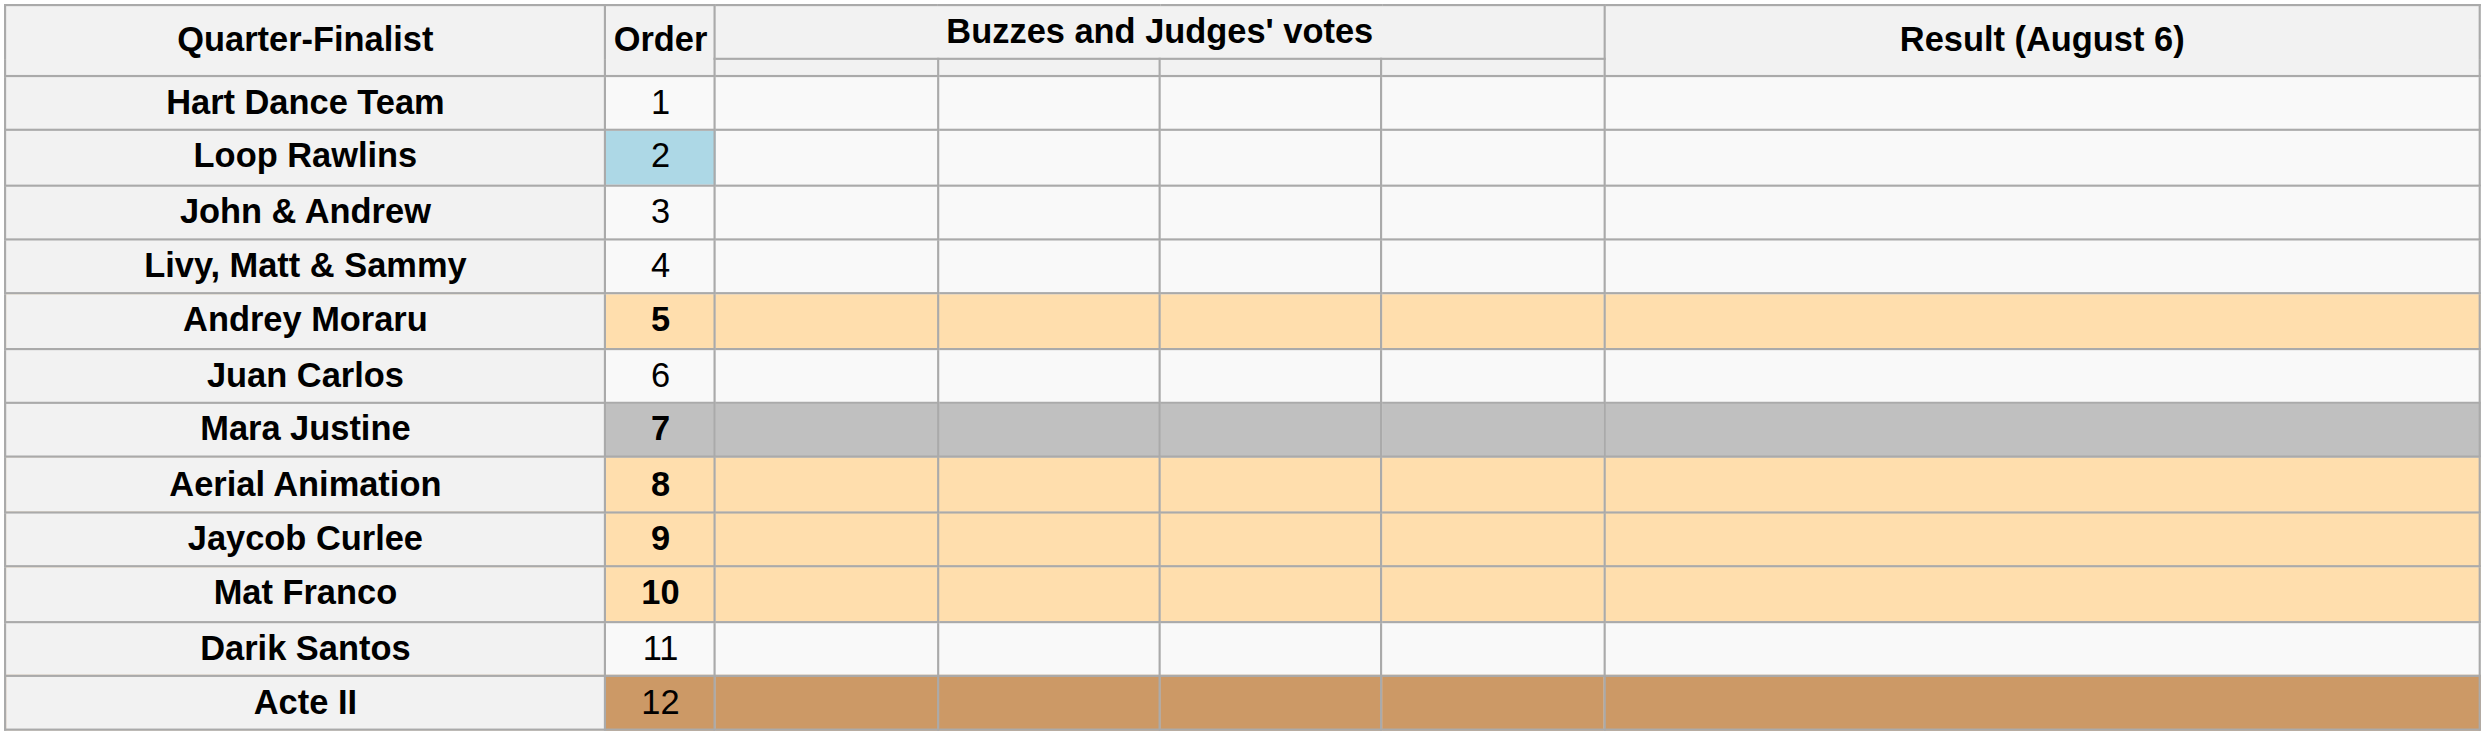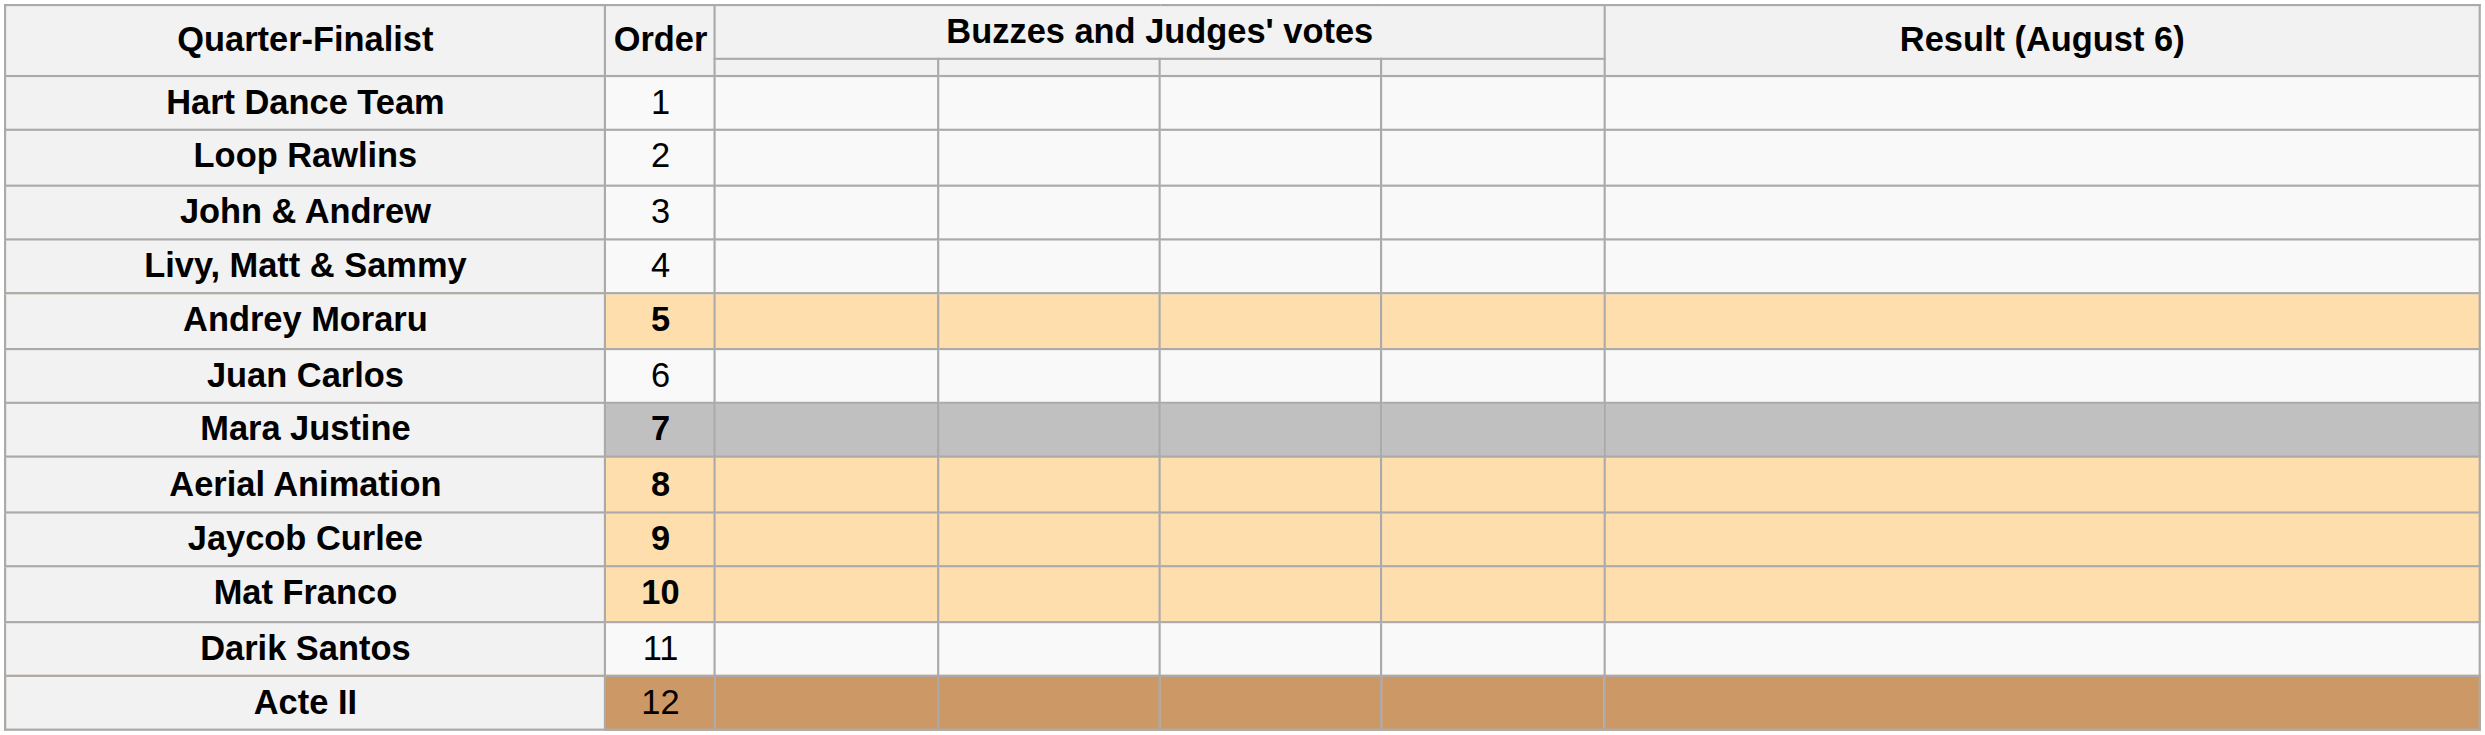 <table class="wikitable plainrowheaders sortable" style="text-align:center;">
 <tr>
 <th scope="col" rowspan="2" class="unsortable" style="width:17em;">Quarter-Finalist</th>
 <th scope="col" rowspan="2" style="width:1em;">Order</th>
 <th scope="col" colspan="4" class="unsortable" style="width:24em;">Buzzes and Judges' votes</th>
 <th scope="col" rowspan="2" style="width:25em;">Result (August 6)</th>
 </tr>
 <tr>
 <th scope="col" class="unsortable" style="width:6em;"></th>
 <th scope="col" class="unsortable" style="width:6em;"></th>
 <th scope="col" class="unsortable" style="width:6em;"></th>
 <th scope="col" class="unsortable" style="width:6em;"></th>
 </tr>
 <tr>
 <th scope="row">Hart Dance Team</th>
 <td>1</td>
 <td style="text-align:center;"></td>
 <td style="text-align:center;"></td>
 <td style="text-align:center;"></td>
 <td style="text-align:center;"></td>
 <td></td>
 </tr>
 <tr>
 <th scope="row">Loop Rawlins</th>
-<td style="background: lightblue;">2</td>
+<td>2</td>
 <td style="text-align:center;"></td>
 <td style="text-align:center;"></td>
 <td style="text-align:center;"></td>
 <td style="text-align:center;"></td>
 <td></td>
 </tr>
 <tr>
 <th scope="row">John & Andrew</th>
 <td>3</td>
 <td style="text-align:center;"></td>
 <td style="text-align:center;"></td>
 <td style="text-align:center;"></td>
 <td style="text-align:center;"></td>
 <td></td>
 </tr>
 <tr>
 <th scope="row">Livy, Matt & Sammy</th>
 <td>4</td>
 <td style="text-align:center;"></td>
 <td style="text-align:center;"></td>
 <td style="text-align:center;"></td>
 <td style="text-align:center;"></td>
 <td></td>
 </tr>
 <tr style="background:NavajoWhite">
 <th scope="row"><strong>Andrey Moraru</strong></th>
 <td><strong>5</strong></td>
 <td style="text-align:center;"></td>
 <td style="text-align:center;"></td>
 <td style="text-align:center;"></td>
 <td style="text-align:center;"></td>
 <td><strong></strong></td>
 </tr>
 <tr>
 <th scope="row">Juan Carlos</th>
 <td>6</td>
 <td style="text-align:center;"></td>
 <td style="text-align:center;"></td>
 <td style="text-align:center;"></td>
 <td style="text-align:center;"></td>
 <td></td>
 </tr>
 <tr style="background:silver">
 <th scope="row"><strong>Mara Justine</strong></th>
 <td><strong>7</strong></td>
 <td style="text-align:center;"></td>
 <td style="text-align:center;"></td>
 <td style="text-align:center;"></td>
 <td style="text-align:center;"></td>
 <td><strong></strong></td>
 </tr>
 <tr style="background:NavajoWhite">
 <th scope="row"><strong>Aerial Animation</strong></th>
 <td><strong>8</strong></td>
 <td style="text-align:center;"></td>
 <td style="text-align:center;"></td>
 <td style="text-align:center;"></td>
 <td style="text-align:center;"></td>
 <td><strong></strong></td>
 </tr>
 <tr style="background:NavajoWhite">
 <th scope="row"><strong>Jaycob Curlee</strong></th>
 <td><strong>9</strong></td>
 <td style="text-align:center;"></td>
 <td style="text-align:center;"></td>
 <td style="text-align:center;"></td>
 <td style="text-align:center;"></td>
 <td><strong></strong></td>
 </tr>
 <tr style="background:NavajoWhite">
 <th scope="row"><strong>Mat Franco</strong></th>
 <td><strong>10</strong></td>
 <td style="text-align:center;"></td>
 <td style="text-align:center;"></td>
 <td style="text-align:center;"></td>
 <td style="text-align:center;"></td>
 <td><strong></strong></td>
 </tr>
 <tr>
 <th scope="row">Darik Santos</th>
 <td>11</td>
 <td style="text-align:center;"></td>
 <td></td>
 <td></td>
 <td style="text-align:center;"></td>
 <td></td>
 </tr>
 <tr style="background:#c96">
 <th scope="row">Acte II</th>
 <td>12</td>
 <td style="text-align:center;"></td>
 <td style="text-align:center;"></td>
 <td style="text-align:center;"></td>
 <td style="text-align:center;"></td>
 <td></td>
 </tr>
 </table>
